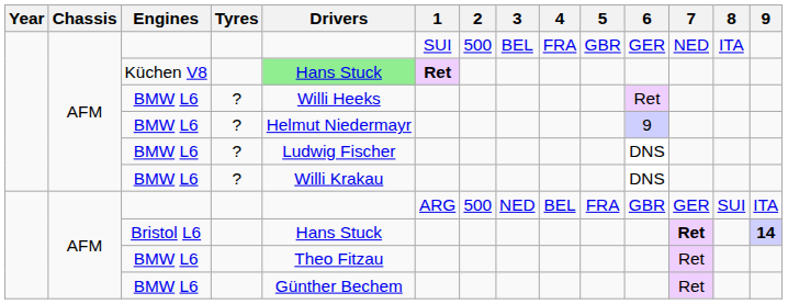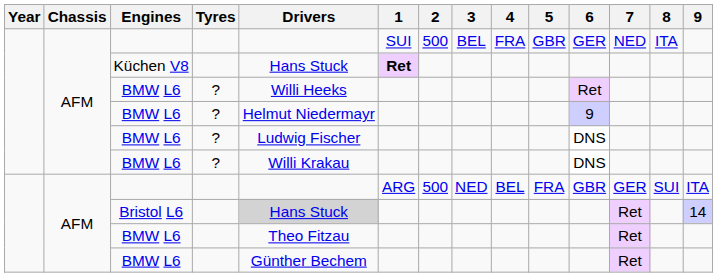 <table class="wikitable" style="text-align:center; font-size:95%">
 <tr>
 <th>Year</th>
 <th>Chassis</th>
 <th>Engines</th>
 <th>Tyres</th>
 <th>Drivers</th>
 <th>1</th>
 <th>2</th>
 <th>3</th>
 <th>4</th>
 <th>5</th>
 <th>6</th>
 <th>7</th>
 <th>8</th>
 <th>9</th>
 </tr>
 <tr>
 <td rowspan="6"></td>
 <td rowspan="6">AFM</td>
 <td></td>
 <td></td>
 <td></td>
 <td><a href='#'>SUI</a></td>
 <td><a href='#'>500</a></td>
 <td><a href='#'>BEL</a></td>
 <td><a href='#'>FRA</a></td>
 <td><a href='#'>GBR</a></td>
 <td><a href='#'>GER</a></td>
 <td><a href='#'>NED</a></td>
 <td><a href='#'>ITA</a></td>
 <td></td>
 </tr>
 <tr>
 <td>Küchen <a href='#'>V8</a></td>
 <td></td>
-<td style="background: lightgreen;"><a href='#'>Hans Stuck</a></td>
+<td><a href='#'>Hans Stuck</a></td>
 <td style="background:#EFCFFF;"><strong>Ret</strong></td>
 <td></td>
 <td></td>
 <td></td>
 <td></td>
 <td></td>
 <td></td>
 <td></td>
 <td></td>
 </tr>
 <tr>
 <td><a href='#'>BMW</a> <a href='#'>L6</a></td>
 <td>?</td>
 <td><a href='#'>Willi Heeks</a></td>
 <td></td>
 <td></td>
 <td></td>
 <td></td>
 <td></td>
 <td style="background:#EFCFFF;">Ret</td>
 <td></td>
 <td></td>
 <td></td>
 </tr>
 <tr>
 <td><a href='#'>BMW</a> <a href='#'>L6</a></td>
 <td>?</td>
 <td><a href='#'>Helmut Niedermayr</a></td>
 <td></td>
 <td></td>
 <td></td>
 <td></td>
 <td></td>
 <td style="background:#CFCFFF;">9</td>
 <td></td>
 <td></td>
 <td></td>
 </tr>
 <tr>
 <td><a href='#'>BMW</a> <a href='#'>L6</a></td>
 <td>?</td>
 <td><a href='#'>Ludwig Fischer</a></td>
 <td></td>
 <td></td>
 <td></td>
 <td></td>
 <td></td>
 <td style="background:#FFFFFF;">DNS</td>
 <td></td>
 <td></td>
 <td></td>
 </tr>
 <tr>
 <td><a href='#'>BMW</a> <a href='#'>L6</a></td>
 <td>?</td>
 <td><a href='#'>Willi Krakau</a></td>
 <td></td>
 <td></td>
 <td></td>
 <td></td>
 <td></td>
 <td style="background:#FFFFFF;">DNS</td>
 <td></td>
 <td></td>
 <td></td>
 </tr>
 <tr>
 <td rowspan="4"></td>
 <td rowspan="4">AFM</td>
 <td></td>
 <td></td>
 <td></td>
 <td><a href='#'>ARG</a></td>
 <td><a href='#'>500</a></td>
 <td><a href='#'>NED</a></td>
 <td><a href='#'>BEL</a></td>
 <td><a href='#'>FRA</a></td>
 <td><a href='#'>GBR</a></td>
 <td><a href='#'>GER</a></td>
 <td><a href='#'>SUI</a></td>
 <td><a href='#'>ITA</a></td>
 </tr>
 <tr>
 <td><a href='#'>Bristol</a> <a href='#'>L6</a></td>
 <td></td>
-<td><a href='#'>Hans Stuck</a></td>
+<td style="background: lightgrey;"><a href='#'>Hans Stuck</a></td>
 <td></td>
 <td></td>
 <td></td>
 <td></td>
 <td></td>
 <td></td>
-<td style="background:#EFCFFF;"><strong>Ret</strong></td>
+<td style="background:#EFCFFF;">Ret</td>
 <td></td>
-<td style="background:#CFCFFF;"><strong>14</strong></td>
+<td style="background:#CFCFFF;">14</td>
 </tr>
 <tr>
 <td><a href='#'>BMW</a> <a href='#'>L6</a></td>
 <td></td>
 <td><a href='#'>Theo Fitzau</a></td>
 <td></td>
 <td></td>
 <td></td>
 <td></td>
 <td></td>
 <td></td>
 <td style="background:#EFCFFF;">Ret</td>
 <td></td>
 <td></td>
 </tr>
 <tr>
 <td><a href='#'>BMW</a> <a href='#'>L6</a></td>
 <td></td>
 <td><a href='#'>Günther Bechem</a></td>
 <td></td>
 <td></td>
 <td></td>
 <td></td>
 <td></td>
 <td></td>
 <td style="background:#EFCFFF;">Ret</td>
 <td></td>
 <td></td>
 </tr>
 </table>
